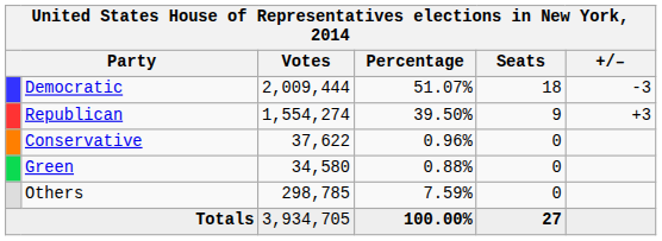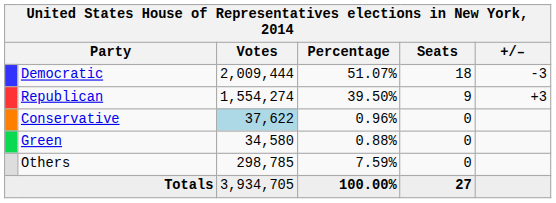 <table class="wikitable" style="font-size: 95%;">
 <tr>
 <th colspan="6">United States House of Representatives elections in New York, 2014</th>
 </tr>
 <tr>
 <th colspan=2 style="width: 15em">Party</th>
 <th style="width: 5em">Votes</th>
 <th style="width: 7em">Percentage</th>
 <th style="width: 5em">Seats</th>
 <th style="width: 5em">+/–</th>
 </tr>
 <tr>
 <th style="background:#33f; width:3px;"></th>
 <td style="width: 130px"><a href='#'>Democratic</a></td>
 <td style="text-align:right;">2,009,444</td>
 <td style="text-align:right;">51.07%</td>
 <td style="text-align:right;">18</td>
 <td style="text-align:right;">-3</td>
 </tr>
 <tr>
 <th style="background:#f33; width:3px;"></th>
 <td style="width: 130px"><a href='#'>Republican</a></td>
 <td style="text-align:right;">1,554,274</td>
 <td style="text-align:right;">39.50%</td>
 <td style="text-align:right;">9</td>
 <td style="text-align:right;">+3</td>
 </tr>
 <tr>
 <th style="background:#ff7f00; width:3px;"></th>
 <td style="width: 130px"><a href='#'>Conservative</a></td>
-<td style="text-align:right;">37,622</td>
+<td style="background: lightblue; text-align:right;">37,622</td>
 <td style="text-align:right;">0.96%</td>
 <td style="text-align:right;">0</td>
 <td style="text-align:right;"></td>
 </tr>
 <tr>
 <th style="background:#0bda51; width:3px;"></th>
 <td style="width: 130px"><a href='#'>Green</a></td>
 <td style="text-align:right;">34,580</td>
 <td style="text-align:right;">0.88%</td>
 <td style="text-align:right;">0</td>
 <td style="text-align:right;"></td>
 </tr>
 <tr>
 <th style="background:#ddd; width:3px;"></th>
 <td style="width: 130px">Others</td>
 <td style="text-align:right;">298,785</td>
 <td style="text-align:right;">7.59%</td>
 <td style="text-align:right;">0</td>
 <td style="text-align:right;"></td>
 </tr>
 <tr style="background:#eee; text-align:right;">
 <td colspan="2"><strong>Totals</strong></td>
 <td>3,934,705</td>
 <td><strong>100.00%</strong></td>
 <td><strong>27</strong></td>
 <td></td>
 </tr>
 </table>
